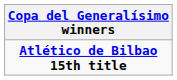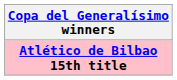 <table class="wikitable" style="text-align: center; margin: 0 auto;">
 <tr>
 <th><a href='#'>Copa del Generalísimo</a><br>winners</th>
 </tr>
 <tr>
-<td><strong><a href='#'>Atlético de Bilbao</a></strong><br><strong>15th title</strong></td>
+<td style="background: pink;"><strong><a href='#'>Atlético de Bilbao</a></strong><br><strong>15th title</strong></td>
 </tr>
 </table>
